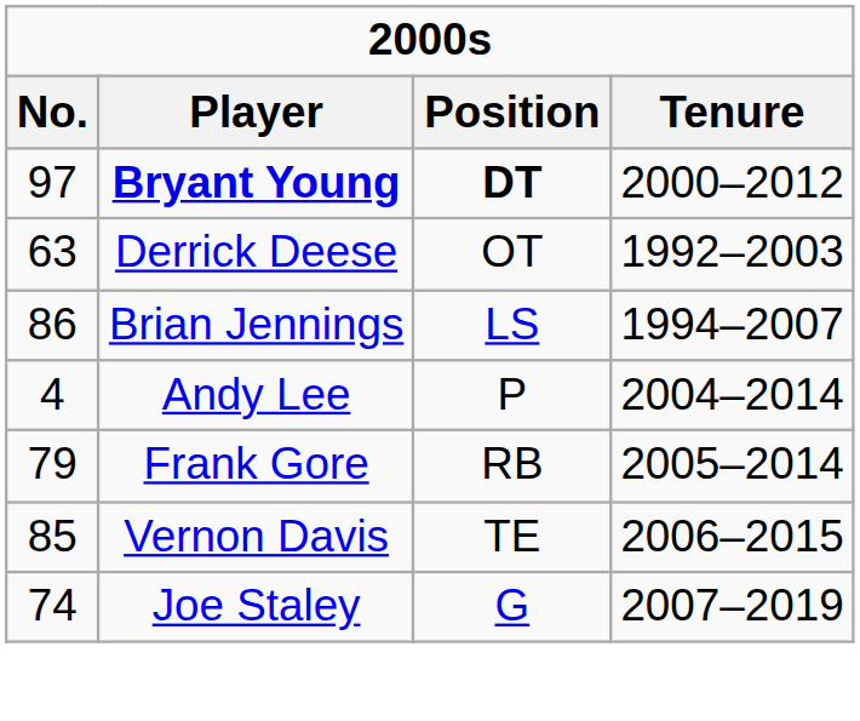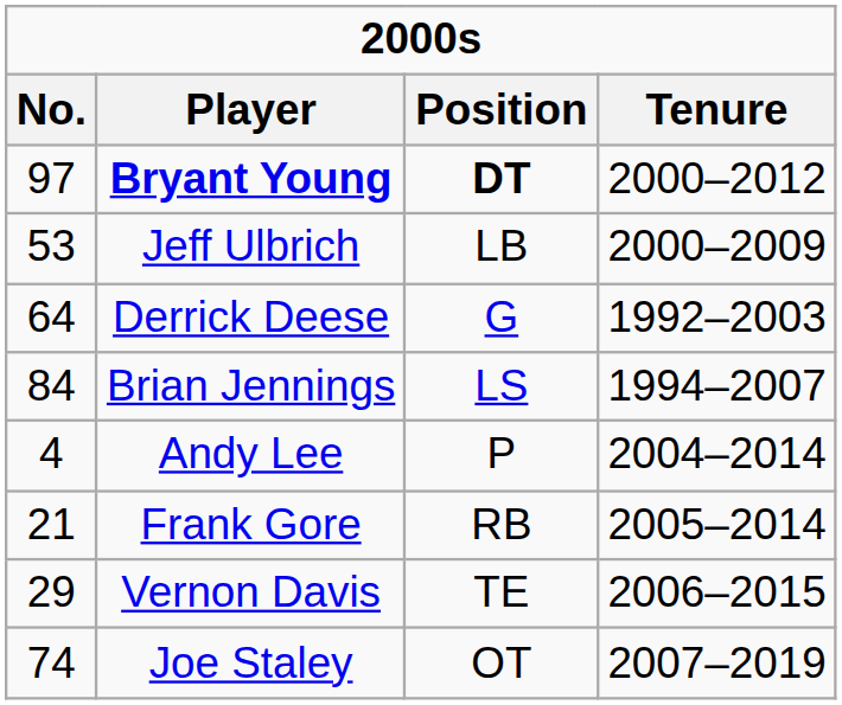 <table class="wikitable" style="text-align:center">
 <tr>
 <td colspan="4"><strong>2000s</strong></td>
 </tr>
 <tr>
 <th>No.</th>
 <th>Player</th>
 <th>Position</th>
 <th>Tenure</th>
 </tr>
 <tr>
 <td>97</td>
 <td><strong><a href='#'>Bryant Young</a></strong></td>
 <td><strong>DT</strong></td>
 <td>2000–2012</td>
 </tr>
 <tr>
-<td>63</td>
+<td>53</td>
+<td><a href='#'>Jeff Ulbrich</a></td>
+<td>LB</td>
+<td>2000–2009</td>
+</tr>
+<tr>
+<td>64</td>
 <td><a href='#'>Derrick Deese</a></td>
-<td>OT</td>
+<td><a href='#'>G</a></td>
 <td>1992–2003</td>
 </tr>
 <tr>
-<td>86</td>
+<td>84</td>
 <td><a href='#'>Brian Jennings</a></td>
 <td><a href='#'>LS</a></td>
 <td>1994–2007</td>
 </tr>
 <tr>
 <td>4</td>
 <td><a href='#'>Andy Lee</a></td>
 <td>P</td>
 <td>2004–2014</td>
 </tr>
 <tr>
-<td>79</td>
+<td>21</td>
 <td><a href='#'>Frank Gore</a></td>
 <td>RB</td>
 <td>2005–2014</td>
 </tr>
 <tr>
-<td>85</td>
+<td>29</td>
 <td><a href='#'>Vernon Davis</a></td>
 <td>TE</td>
 <td>2006–2015</td>
 </tr>
 <tr>
 <td>74</td>
 <td><a href='#'>Joe Staley</a></td>
-<td><a href='#'>G</a></td>
+<td>OT</td>
 <td>2007–2019</td>
 </tr>
 </table>
